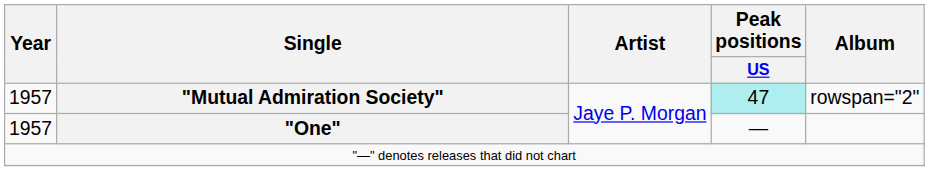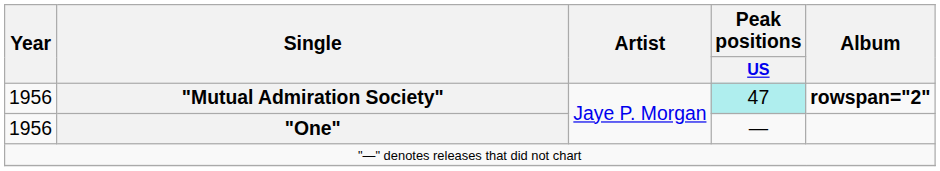 <table class="wikitable plainrowheaders" style="text-align:center;">
 <tr>
 <th rowspan="2">Year</th>
 <th rowspan="2" style="width:26em;">Single</th>
 <th rowspan="2">Artist</th>
 <th>Peak positions</th>
 <th rowspan="2">Album</th>
 </tr>
 <tr style="font-size:smaller;">
 <th width="65"><a href='#'>US</a><br></th>
 </tr>
 <tr>
-<td>1957</td>
+<td>1956</td>
 <th scope="row">"Mutual Admiration Society"</th>
 <td rowspan="2"><a href='#'>Jaye P. Morgan</a></td>
 <td style="background: paleturquoise;">47</td>
-<td>rowspan="2" </td>
+<td><strong>rowspan="2" </strong></td>
 </tr>
 <tr>
-<td>1957</td>
+<td>1956</td>
 <th scope="row">"One"</th>
 <td>—</td>
 </tr>
 <tr>
 <td colspan="5" style="font-size: 8pt">"—" denotes releases that did not chart</td>
 </tr>
 <tr>
 </tr>
 </table>
